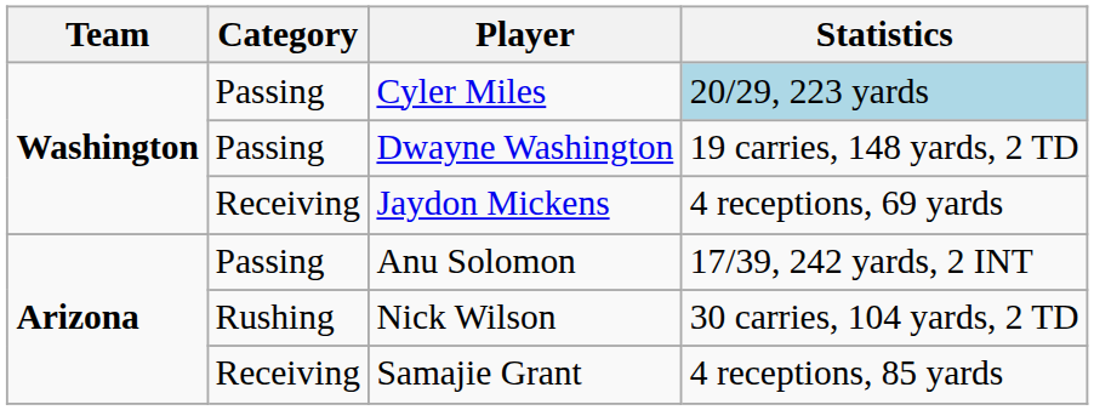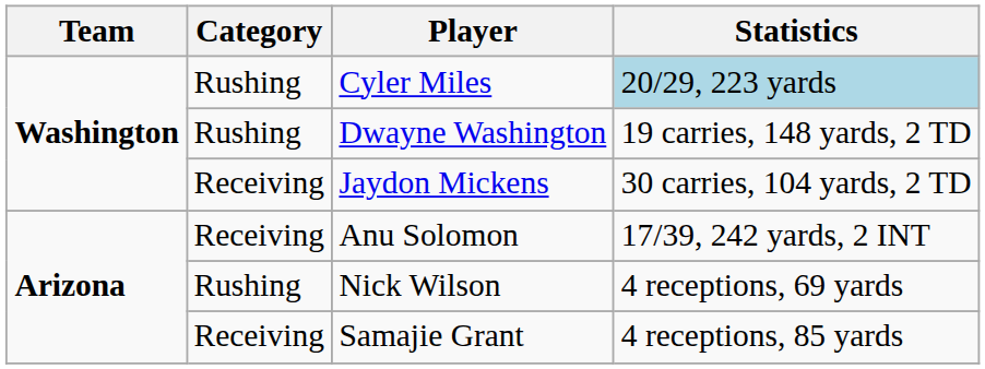 <table class="wikitable" style="float: right;">
 <tr>
 <th>Team</th>
 <th>Category</th>
 <th>Player</th>
 <th>Statistics</th>
 </tr>
 <tr>
 <td rowspan=3><strong>Washington</strong></td>
-<td>Passing</td>
+<td>Rushing</td>
 <td><a href='#'>Cyler Miles</a></td>
 <td style="background: lightblue;">20/29, 223 yards</td>
 </tr>
 <tr>
-<td>Passing</td>
+<td>Rushing</td>
 <td><a href='#'>Dwayne Washington</a></td>
 <td>19 carries, 148 yards, 2 TD</td>
 </tr>
 <tr>
 <td>Receiving</td>
 <td><a href='#'>Jaydon Mickens</a></td>
-<td>4 receptions, 69 yards</td>
+<td>30 carries, 104 yards, 2 TD</td>
 </tr>
 <tr>
 <td rowspan=3><strong>Arizona</strong></td>
-<td>Passing</td>
+<td>Receiving</td>
 <td>Anu Solomon</td>
 <td>17/39, 242 yards, 2 INT</td>
 </tr>
 <tr>
 <td>Rushing</td>
 <td>Nick Wilson</td>
-<td>30 carries, 104 yards, 2 TD</td>
+<td>4 receptions, 69 yards</td>
 </tr>
 <tr>
 <td>Receiving</td>
 <td>Samajie Grant</td>
 <td>4 receptions, 85 yards</td>
 </tr>
 </table>
